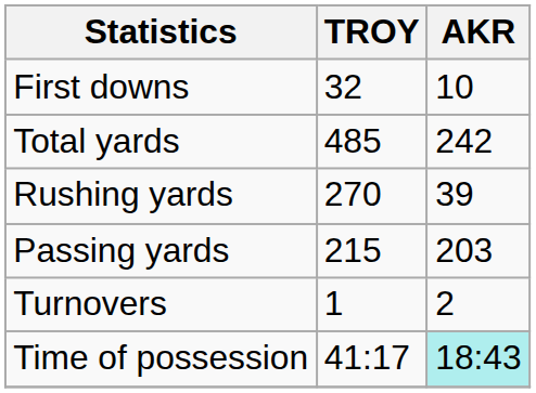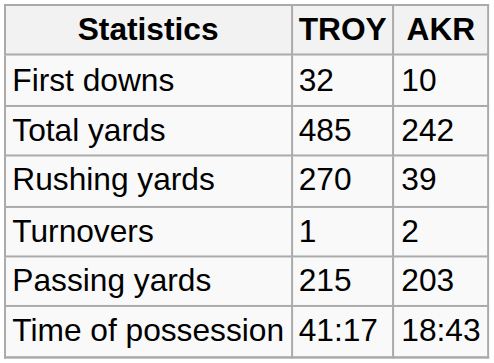 <table class="wikitable">
 <tr>
 <th>Statistics</th>
 <th>TROY</th>
 <th>AKR</th>
 </tr>
 <tr>
 <td>First downs</td>
 <td>32</td>
 <td>10</td>
 </tr>
 <tr>
 <td>Total yards</td>
 <td>485</td>
 <td>242</td>
 </tr>
 <tr>
 <td>Rushing yards</td>
 <td>270</td>
 <td>39</td>
 </tr>
 <tr>
+<td>Turnovers</td>
+<td>1</td>
+<td>2</td>
+</tr>
+<tr>
 <td>Passing yards</td>
 <td>215</td>
 <td>203</td>
 </tr>
 <tr>
-<td>Turnovers</td>
-<td>1</td>
-<td>2</td>
-</tr>
-<tr>
 <td>Time of possession</td>
 <td>41:17</td>
-<td style="background: paleturquoise;">18:43</td>
+<td>18:43</td>
 </tr>
 <tr>
 </tr>
 </table>
